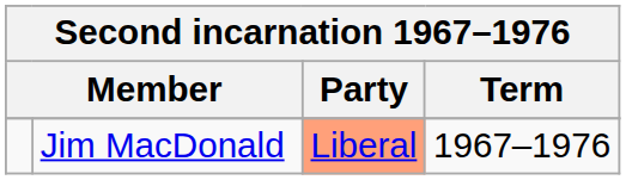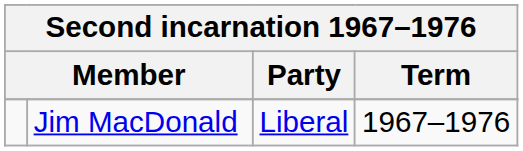 <table class="wikitable">
 <tr>
 <th colspan=4>Second incarnation 1967–1976</th>
 </tr>
 <tr>
 <th colspan=2>Member</th>
 <th>Party</th>
 <th>Term</th>
 </tr>
 <tr>
 </tr>
 <tr>
 <td> </td>
 <td><a href='#'>Jim MacDonald</a> </td>
-<td style="background: lightsalmon;"><a href='#'>Liberal</a></td>
+<td><a href='#'>Liberal</a></td>
 <td>1967–1976</td>
 </tr>
 </table>
